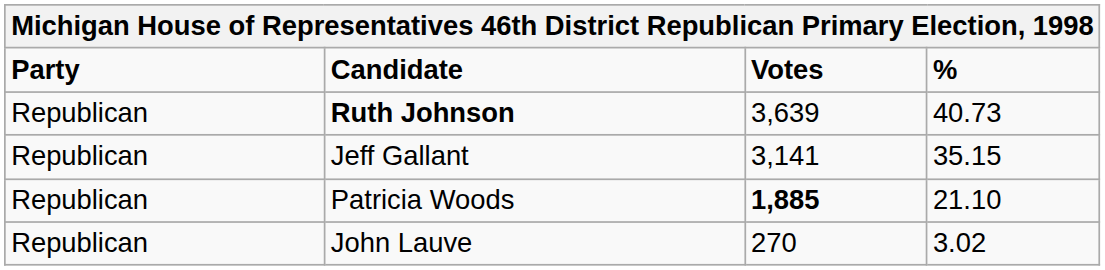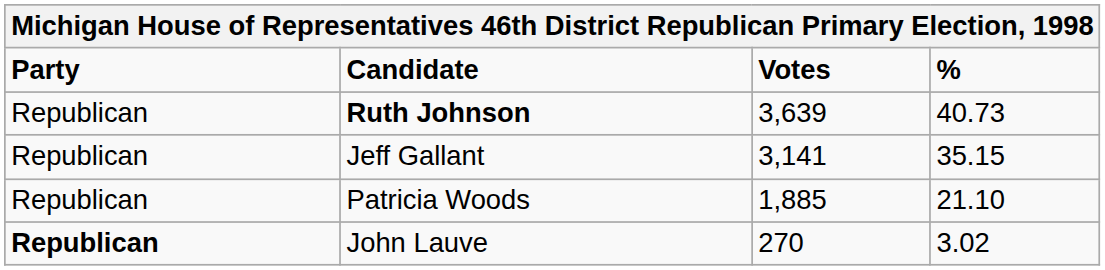 <table class="wikitable">
 <tr>
 <th colspan="4">Michigan House of Representatives 46th District Republican Primary Election, 1998</th>
 </tr>
 <tr>
 <td><strong>Party</strong></td>
 <td><strong>Candidate</strong></td>
 <td><strong>Votes</strong></td>
 <td><strong>%</strong></td>
 </tr>
 <tr>
 <td>Republican</td>
 <td><strong>Ruth Johnson</strong></td>
 <td>3,639</td>
 <td>40.73</td>
 </tr>
 <tr>
 <td>Republican</td>
 <td>Jeff Gallant</td>
 <td>3,141</td>
 <td>35.15</td>
 </tr>
 <tr>
 <td>Republican</td>
 <td>Patricia Woods</td>
-<td><strong>1,885</strong></td>
+<td>1,885</td>
 <td>21.10</td>
 </tr>
 <tr>
-<td>Republican</td>
+<td><strong>Republican</strong></td>
 <td>John Lauve</td>
 <td>270</td>
 <td>3.02</td>
 </tr>
 </table>
